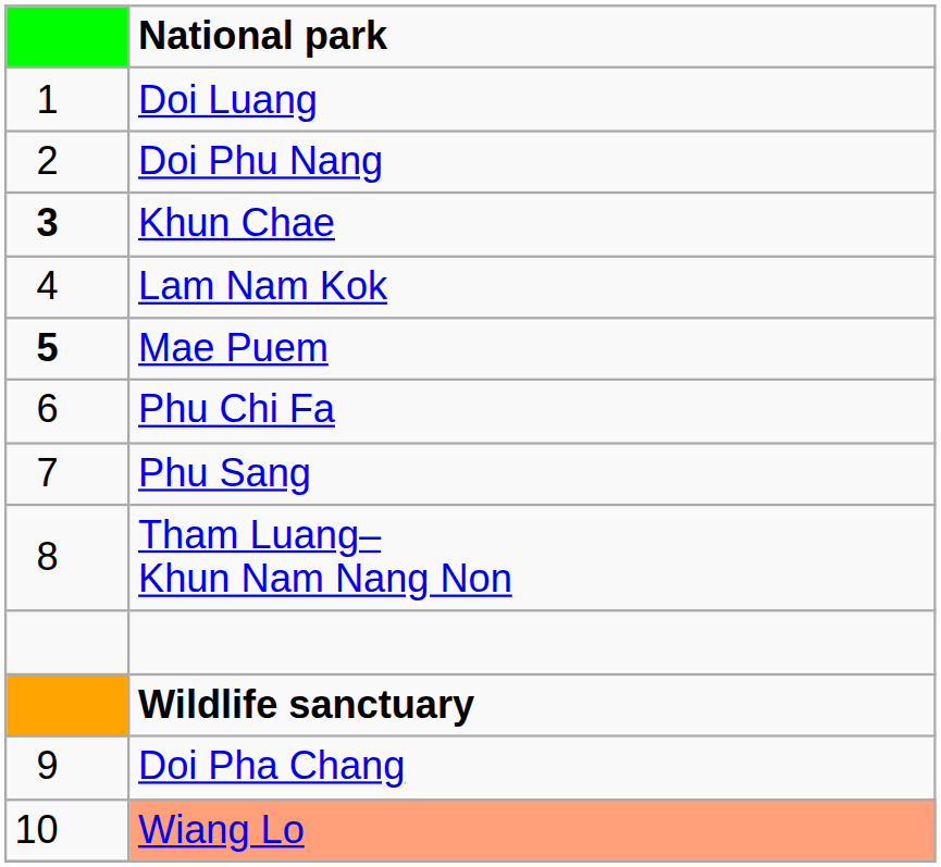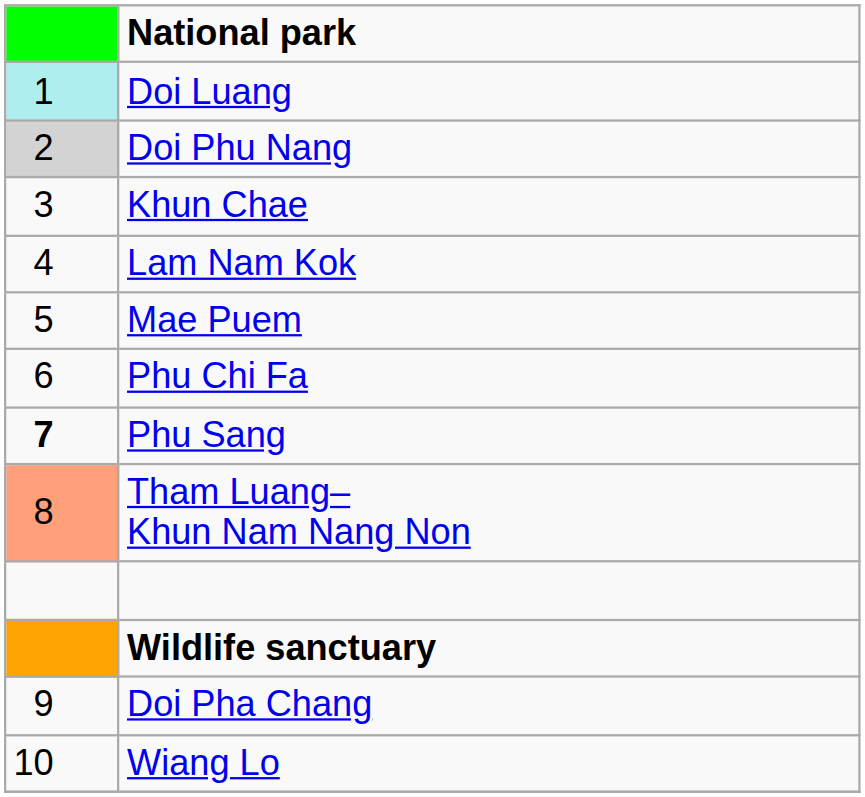 <table class= "wikitable" style= "width:30%; display:inline-table;">
 <tr>
 <td style="width:3%; background:#00FF00;"> </td>
 <td style="width:27%;"><strong>National park</strong></td>
 </tr>
 <tr>
-<td>  1</td>
+<td style="background: paleturquoise;">  1</td>
 <td><a href='#'>Doi Luang</a></td>
 </tr>
 <tr>
-<td>  2</td>
+<td style="background: lightgrey;">  2</td>
 <td><a href='#'>Doi Phu Nang</a></td>
 </tr>
 <tr>
-<td><strong>  3</strong></td>
+<td>  3</td>
 <td><a href='#'>Khun Chae</a></td>
 </tr>
 <tr>
 <td>  4</td>
 <td><a href='#'>Lam Nam Kok</a></td>
 </tr>
 <tr>
-<td><strong>  5</strong></td>
+<td>  5</td>
 <td><a href='#'>Mae Puem</a></td>
 </tr>
 <tr>
 <td>  6</td>
 <td><a href='#'>Phu Chi Fa</a></td>
 </tr>
 <tr>
-<td>  7</td>
+<td><strong>  7</strong></td>
 <td><a href='#'>Phu Sang</a></td>
 </tr>
 <tr>
-<td>  8</td>
+<td style="background: lightsalmon;">  8</td>
 <td><a href='#'>Tham Luang–<br>Khun Nam Nang Non</a></td>
 </tr>
 <tr>
 <td> </td>
 <td> </td>
 </tr>
 <tr>
 <td style="background:#FFA400;"> </td>
 <td><strong>Wildlife sanctuary</strong></td>
 </tr>
 <tr>
 <td>  9</td>
 <td><a href='#'>Doi Pha Chang</a></td>
 </tr>
 <tr>
 <td>10</td>
-<td style="background: lightsalmon;"><a href='#'>Wiang Lo</a></td>
+<td><a href='#'>Wiang Lo</a></td>
 </tr>
 <tr>
 </tr>
 </table>
